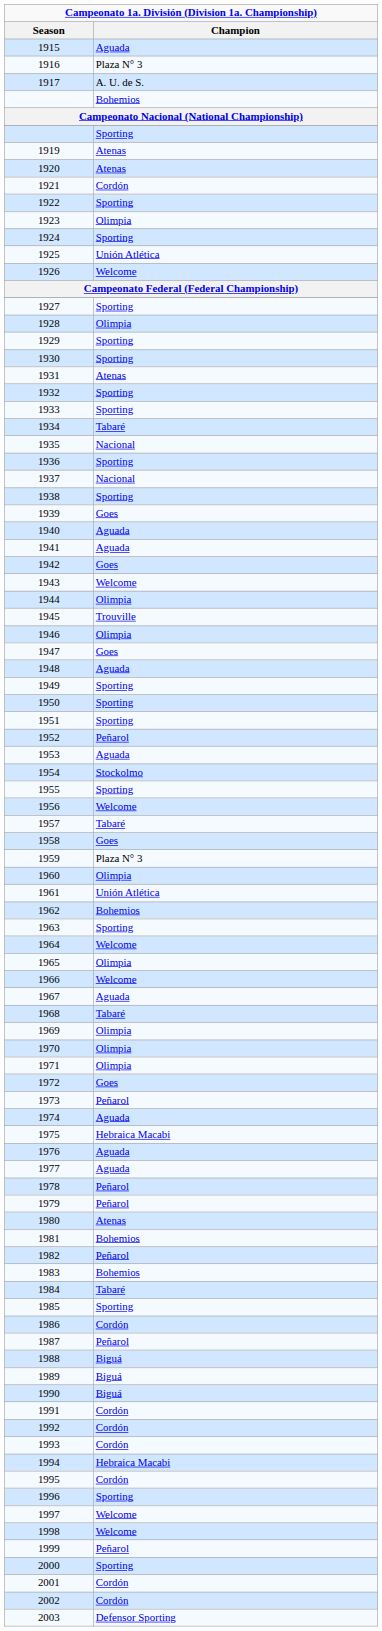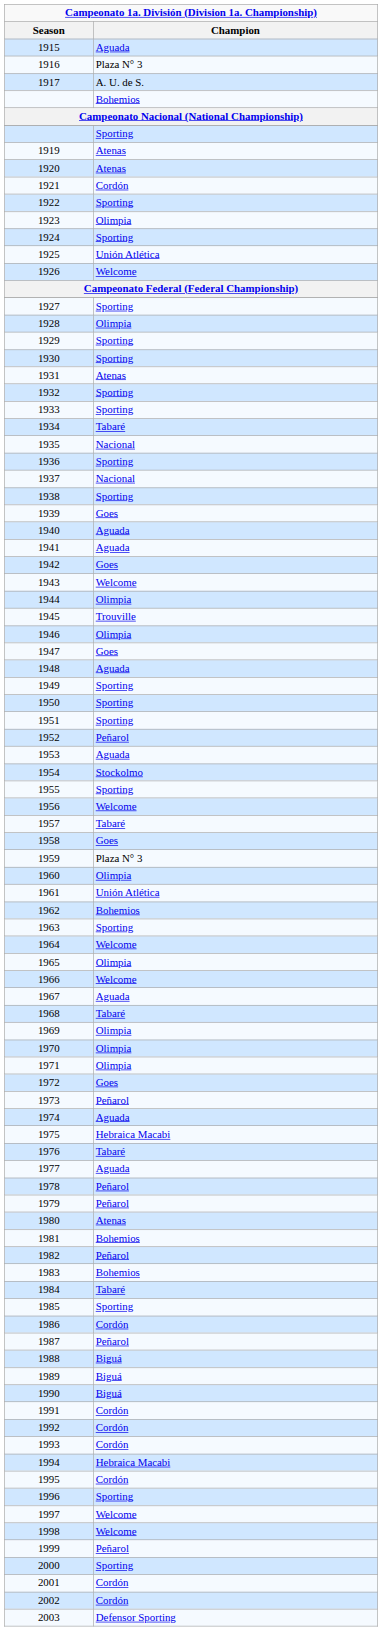 <table class="wikitable sortable"  style="text-align:left" width="550px">
 <tr>
 <td align=center colspan=2><strong><a href='#'>Campeonato 1a. División (Division 1a. Championship)</a></strong></td>
 </tr>
 <tr align=center bgcolor=#DDDDDD style="color:Black;">
 <th width=10%>Season</th>
 <th width=32%>Champion</th>
 </tr>
 <tr align=left bgcolor=#D0E7FF>
 <td align=center>1915</td>
 <td> <a href='#'>Aguada</a></td>
 </tr>
 <tr align=left bgcolor=#F5FAFF>
 <td align=center>1916</td>
 <td> Plaza N° 3</td>
 </tr>
 <tr align=left bgcolor=#D0E7FF>
 <td align=center>1917</td>
 <td> A. U. de S.</td>
 </tr>
 <tr align=left bgcolor=#F5FAFF>
 <td align=center></td>
 <td> <a href='#'>Bohemios</a></td>
 </tr>
 <tr>
 <th colspan="2"><strong><a href='#'>Campeonato Nacional (National Championship)</a></strong></th>
 </tr>
 <tr align=center bgcolor=#DDDDDD style="color:Black;">
 </tr>
 <tr align=left bgcolor=#D0E7FF>
 <td align=center></td>
 <td><a href='#'>Sporting</a></td>
 </tr>
 <tr align=left bgcolor=#F5FAFF>
 <td align=center>1919</td>
 <td> <a href='#'>Atenas</a></td>
 </tr>
 <tr align=left bgcolor=#D0E7FF>
 <td align=center>1920</td>
 <td> <a href='#'>Atenas</a></td>
 </tr>
 <tr align=left bgcolor=#F5FAFF>
 <td align=center>1921</td>
 <td> <a href='#'>Cordón</a></td>
 </tr>
 <tr align=left bgcolor=#D0E7FF>
 <td align=center>1922</td>
 <td><a href='#'>Sporting</a></td>
 </tr>
 <tr align=left bgcolor=#F5FAFF>
 <td align=center>1923</td>
 <td> <a href='#'>Olimpia</a></td>
 </tr>
 <tr align=left bgcolor=#D0E7FF>
 <td align=center>1924</td>
 <td><a href='#'>Sporting</a></td>
 </tr>
 <tr align=left bgcolor=#F5FAFF>
 <td align=center>1925</td>
 <td><a href='#'>Unión Atlética</a></td>
 </tr>
 <tr align=left bgcolor=#D0E7FF>
 <td align=center>1926</td>
 <td> <a href='#'>Welcome</a></td>
 </tr>
 <tr>
 <th colspan="2"><strong><a href='#'>Campeonato Federal (Federal Championship)</a></strong></th>
 </tr>
 <tr align=center bgcolor=#DDDDDD style="color:Black;">
 </tr>
 <tr align=left bgcolor=#F5FAFF>
 <td align=center>1927</td>
 <td><a href='#'>Sporting</a></td>
 </tr>
 <tr align=left bgcolor=#D0E7FF>
 <td align=center>1928</td>
 <td> <a href='#'>Olimpia</a></td>
 </tr>
 <tr align=left bgcolor=#F5FAFF>
 <td align=center>1929</td>
 <td><a href='#'>Sporting</a></td>
 </tr>
 <tr align=left bgcolor=#D0E7FF>
 <td align=center>1930</td>
 <td><a href='#'>Sporting</a></td>
 </tr>
 <tr align=left bgcolor=#F5FAFF>
 <td align=center>1931</td>
 <td> <a href='#'>Atenas</a></td>
 </tr>
 <tr align=left bgcolor=#D0E7FF>
 <td align=center>1932</td>
 <td><a href='#'>Sporting</a></td>
 </tr>
 <tr align=left bgcolor=#F5FAFF>
 <td align=center>1933</td>
 <td><a href='#'>Sporting</a></td>
 </tr>
 <tr align=left bgcolor=#D0E7FF>
 <td align=center>1934</td>
 <td> <a href='#'>Tabaré</a></td>
 </tr>
 <tr align=left bgcolor=#F5FAFF>
 <td align=center>1935</td>
 <td> <a href='#'>Nacional</a></td>
 </tr>
 <tr align=left bgcolor=#D0E7FF>
 <td align=center>1936</td>
 <td><a href='#'>Sporting</a></td>
 </tr>
 <tr align=left bgcolor=#F5FAFF>
 <td align=center>1937</td>
 <td> <a href='#'>Nacional</a></td>
 </tr>
 <tr align=left bgcolor=#D0E7FF>
 <td align=center>1938</td>
 <td><a href='#'>Sporting</a></td>
 </tr>
 <tr align=left bgcolor=#F5FAFF>
 <td align=center>1939</td>
 <td> <a href='#'>Goes</a></td>
 </tr>
 <tr align=left bgcolor=#D0E7FF>
 <td align=center>1940</td>
 <td> <a href='#'>Aguada</a></td>
 </tr>
 <tr align=left bgcolor=#F5FAFF>
 <td align=center>1941</td>
 <td> <a href='#'>Aguada</a></td>
 </tr>
 <tr align=left bgcolor=#D0E7FF>
 <td align=center>1942</td>
 <td> <a href='#'>Goes</a></td>
 </tr>
 <tr align=left bgcolor=#F5FAFF>
 <td align=center>1943</td>
 <td> <a href='#'>Welcome</a></td>
 </tr>
 <tr align=left bgcolor=#D0E7FF>
 <td align=center>1944</td>
 <td> <a href='#'>Olimpia</a></td>
 </tr>
 <tr align=left bgcolor=#F5FAFF>
 <td align=center>1945</td>
 <td> <a href='#'>Trouville</a></td>
 </tr>
 <tr align=left bgcolor=#D0E7FF>
 <td align=center>1946</td>
 <td> <a href='#'>Olimpia</a></td>
 </tr>
 <tr align=left bgcolor=#F5FAFF>
 <td align=center>1947</td>
 <td> <a href='#'>Goes</a></td>
 </tr>
 <tr align=left bgcolor=#D0E7FF>
 <td align=center>1948</td>
 <td> <a href='#'>Aguada</a></td>
 </tr>
 <tr align=left bgcolor=#F5FAFF>
 <td align=center>1949</td>
 <td><a href='#'>Sporting</a></td>
 </tr>
 <tr align=left bgcolor=#D0E7FF>
 <td align=center>1950</td>
 <td><a href='#'>Sporting</a></td>
 </tr>
 <tr align=left bgcolor=#F5FAFF>
 <td align=center>1951</td>
 <td><a href='#'>Sporting</a></td>
 </tr>
 <tr align=left bgcolor=#D0E7FF>
 <td align=center>1952</td>
 <td> <a href='#'>Peñarol</a></td>
 </tr>
 <tr align=left bgcolor=#F5FAFF>
 <td align=center>1953</td>
 <td> <a href='#'>Aguada</a></td>
 </tr>
 <tr align=left bgcolor=#D0E7FF>
 <td align=center>1954</td>
 <td> <a href='#'>Stockolmo</a></td>
 </tr>
 <tr align=left bgcolor=#F5FAFF>
 <td align=center>1955</td>
 <td><a href='#'>Sporting</a></td>
 </tr>
 <tr align=left bgcolor=#D0E7FF>
 <td align=center>1956</td>
 <td> <a href='#'>Welcome</a></td>
 </tr>
 <tr align=left bgcolor=#F5FAFF>
 <td align=center>1957</td>
 <td> <a href='#'>Tabaré</a></td>
 </tr>
 <tr align=left bgcolor=#D0E7FF>
 <td align=center>1958</td>
 <td> <a href='#'>Goes</a></td>
 </tr>
 <tr align=left bgcolor=#F5FAFF>
 <td align=center>1959</td>
 <td> Plaza N° 3</td>
 </tr>
 <tr align=left bgcolor=#D0E7FF>
 <td align=center>1960</td>
 <td> <a href='#'>Olimpia</a></td>
 </tr>
 <tr align=left bgcolor=#F5FAFF>
 <td align=center>1961</td>
 <td><a href='#'>Unión Atlética</a></td>
 </tr>
 <tr align=left bgcolor=#D0E7FF>
 <td align=center>1962</td>
 <td> <a href='#'>Bohemios</a></td>
 </tr>
 <tr align=left bgcolor=#F5FAFF>
 <td align=center>1963</td>
 <td><a href='#'>Sporting</a></td>
 </tr>
 <tr align=left bgcolor=#D0E7FF>
 <td align=center>1964</td>
 <td> <a href='#'>Welcome</a></td>
 </tr>
 <tr align=left bgcolor=#F5FAFF>
 <td align=center>1965</td>
 <td> <a href='#'>Olimpia</a></td>
 </tr>
 <tr align=left bgcolor=#D0E7FF>
 <td align=center>1966</td>
 <td> <a href='#'>Welcome</a></td>
 </tr>
 <tr align=left bgcolor=#F5FAFF>
 <td align=center>1967</td>
 <td> <a href='#'>Aguada</a></td>
 </tr>
 <tr align=left bgcolor=#D0E7FF>
 <td align=center>1968</td>
 <td> <a href='#'>Tabaré</a></td>
 </tr>
 <tr align=left bgcolor=#F5FAFF>
 <td align=center>1969</td>
 <td> <a href='#'>Olimpia</a></td>
 </tr>
 <tr align=left bgcolor=#D0E7FF>
 <td align=center>1970</td>
 <td> <a href='#'>Olimpia</a></td>
 </tr>
 <tr align=left bgcolor=#F5FAFF>
 <td align=center>1971</td>
 <td> <a href='#'>Olimpia</a></td>
 </tr>
 <tr align=left bgcolor=#D0E7FF>
 <td align=center>1972</td>
 <td> <a href='#'>Goes</a></td>
 </tr>
 <tr align=left bgcolor=#F5FAFF>
 <td align=center>1973</td>
 <td> <a href='#'>Peñarol</a></td>
 </tr>
 <tr align=left bgcolor=#D0E7FF>
 <td align=center>1974</td>
 <td> <a href='#'>Aguada</a></td>
 </tr>
 <tr align=left bgcolor=#F5FAFF>
 <td align=center>1975</td>
 <td> <a href='#'>Hebraica Macabi</a></td>
 </tr>
 <tr align=left bgcolor=#D0E7FF>
 <td align=center>1976</td>
-<td> <a href='#'>Aguada</a></td>
+<td> <a href='#'>Tabaré</a></td>
 </tr>
 <tr align=left bgcolor=#F5FAFF>
 <td align=center>1977</td>
 <td> <a href='#'>Aguada</a></td>
 </tr>
 <tr align=left bgcolor=#D0E7FF>
 <td align=center>1978</td>
 <td> <a href='#'>Peñarol</a></td>
 </tr>
 <tr align=left bgcolor=#F5FAFF>
 <td align=center>1979</td>
 <td> <a href='#'>Peñarol</a></td>
 </tr>
 <tr align=left bgcolor=#D0E7FF>
 <td align=center>1980</td>
 <td> <a href='#'>Atenas</a></td>
 </tr>
 <tr align=left bgcolor=#F5FAFF>
 <td align=center>1981</td>
 <td> <a href='#'>Bohemios</a></td>
 </tr>
 <tr align=left bgcolor=#D0E7FF>
 <td align=center>1982</td>
 <td> <a href='#'>Peñarol</a></td>
 </tr>
 <tr align=left bgcolor=#F5FAFF>
 <td align=center>1983</td>
 <td> <a href='#'>Bohemios</a></td>
 </tr>
 <tr align=left bgcolor=#D0E7FF>
 <td align=center>1984</td>
 <td> <a href='#'>Tabaré</a></td>
 </tr>
 <tr align=left bgcolor=#F5FAFF>
 <td align=center>1985</td>
 <td><a href='#'>Sporting</a></td>
 </tr>
 <tr align=left bgcolor=#D0E7FF>
 <td align=center>1986</td>
 <td> <a href='#'>Cordón</a></td>
 </tr>
 <tr align=left bgcolor=#F5FAFF>
 <td align=center>1987</td>
 <td> <a href='#'>Peñarol</a></td>
 </tr>
 <tr align=left bgcolor=#D0E7FF>
 <td align=center>1988</td>
 <td> <a href='#'>Biguá</a></td>
 </tr>
 <tr align=left bgcolor=#F5FAFF>
 <td align=center>1989</td>
 <td> <a href='#'>Biguá</a></td>
 </tr>
 <tr align=left bgcolor=#D0E7FF>
 <td align=center>1990</td>
 <td> <a href='#'>Biguá</a></td>
 </tr>
 <tr align=left bgcolor=#F5FAFF>
 <td align=center>1991</td>
 <td> <a href='#'>Cordón</a></td>
 </tr>
 <tr align=left bgcolor=#D0E7FF>
 <td align=center>1992</td>
 <td> <a href='#'>Cordón</a></td>
 </tr>
 <tr align=left bgcolor=#F5FAFF>
 <td align=center>1993</td>
 <td> <a href='#'>Cordón</a></td>
 </tr>
 <tr align=left bgcolor=#D0E7FF>
 <td align=center>1994</td>
 <td> <a href='#'>Hebraica Macabi</a></td>
 </tr>
 <tr align=left bgcolor=#F5FAFF>
 <td align=center>1995</td>
 <td> <a href='#'>Cordón</a></td>
 </tr>
 <tr align=left bgcolor=#D0E7FF>
 <td align=center>1996</td>
 <td><a href='#'>Sporting</a></td>
 </tr>
 <tr align=left bgcolor=#F5FAFF>
 <td align=center>1997</td>
 <td> <a href='#'>Welcome</a></td>
 </tr>
 <tr align=left bgcolor=#D0E7FF>
 <td align=center>1998</td>
 <td> <a href='#'>Welcome</a></td>
 </tr>
 <tr align=left bgcolor=#F5FAFF>
 <td align=center>1999</td>
 <td> <a href='#'>Peñarol</a></td>
 </tr>
 <tr align=left bgcolor=#D0E7FF>
 <td align=center>2000</td>
 <td><a href='#'>Sporting</a></td>
 </tr>
 <tr align=left bgcolor=#F5FAFF>
 <td align=center>2001</td>
 <td> <a href='#'>Cordón</a></td>
 </tr>
 <tr align=left bgcolor=#D0E7FF>
 <td align=center>2002</td>
 <td> <a href='#'>Cordón</a></td>
 </tr>
 <tr align=left bgcolor=#F5FAFF>
 <td align=center>2003</td>
 <td><a href='#'>Defensor Sporting</a></td>
 </tr>
 </table>
